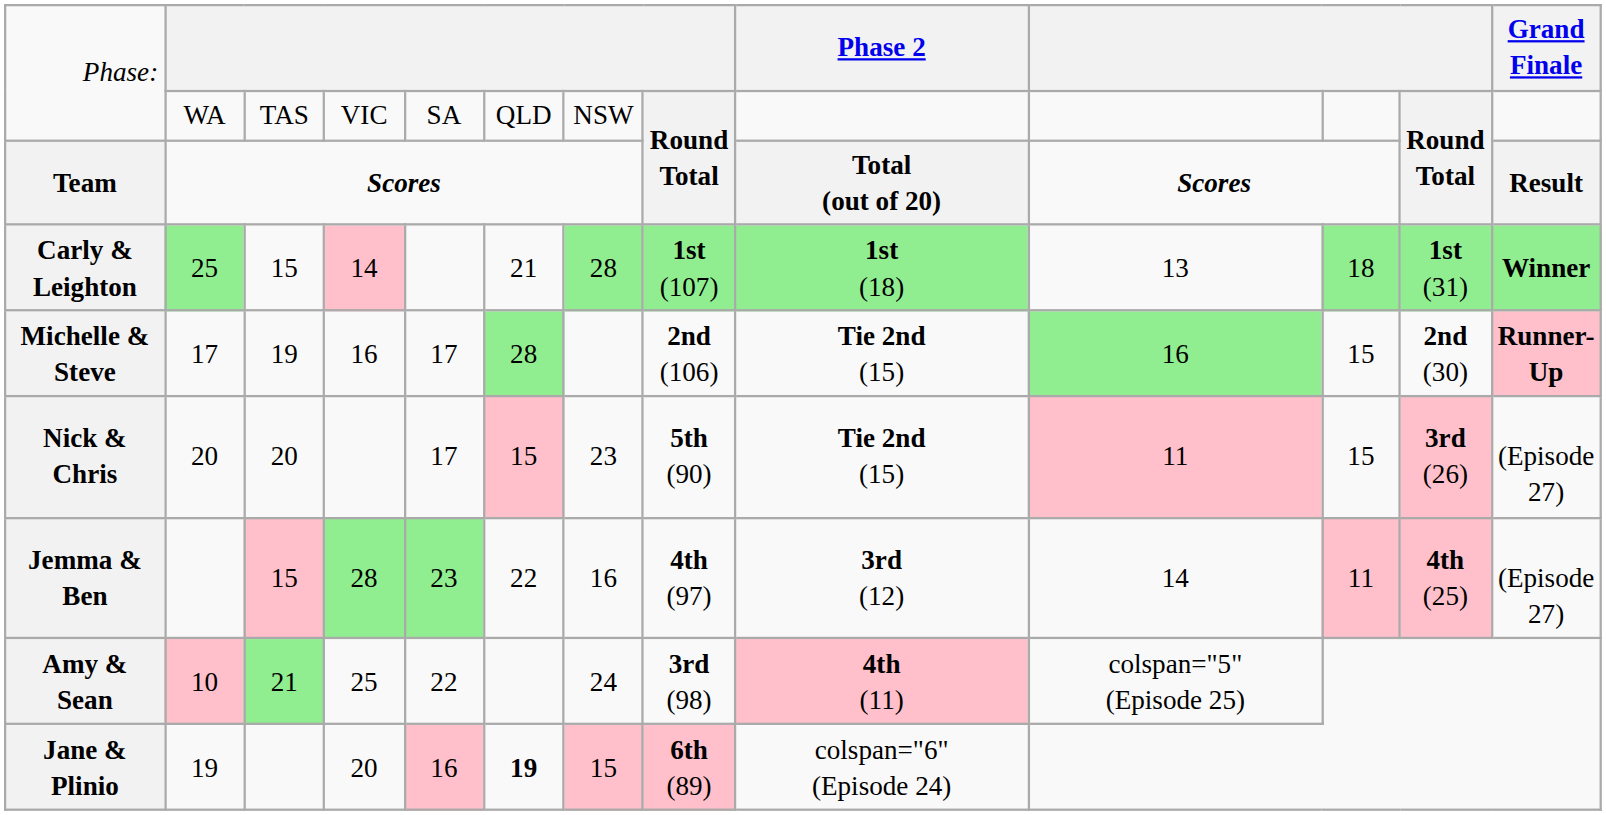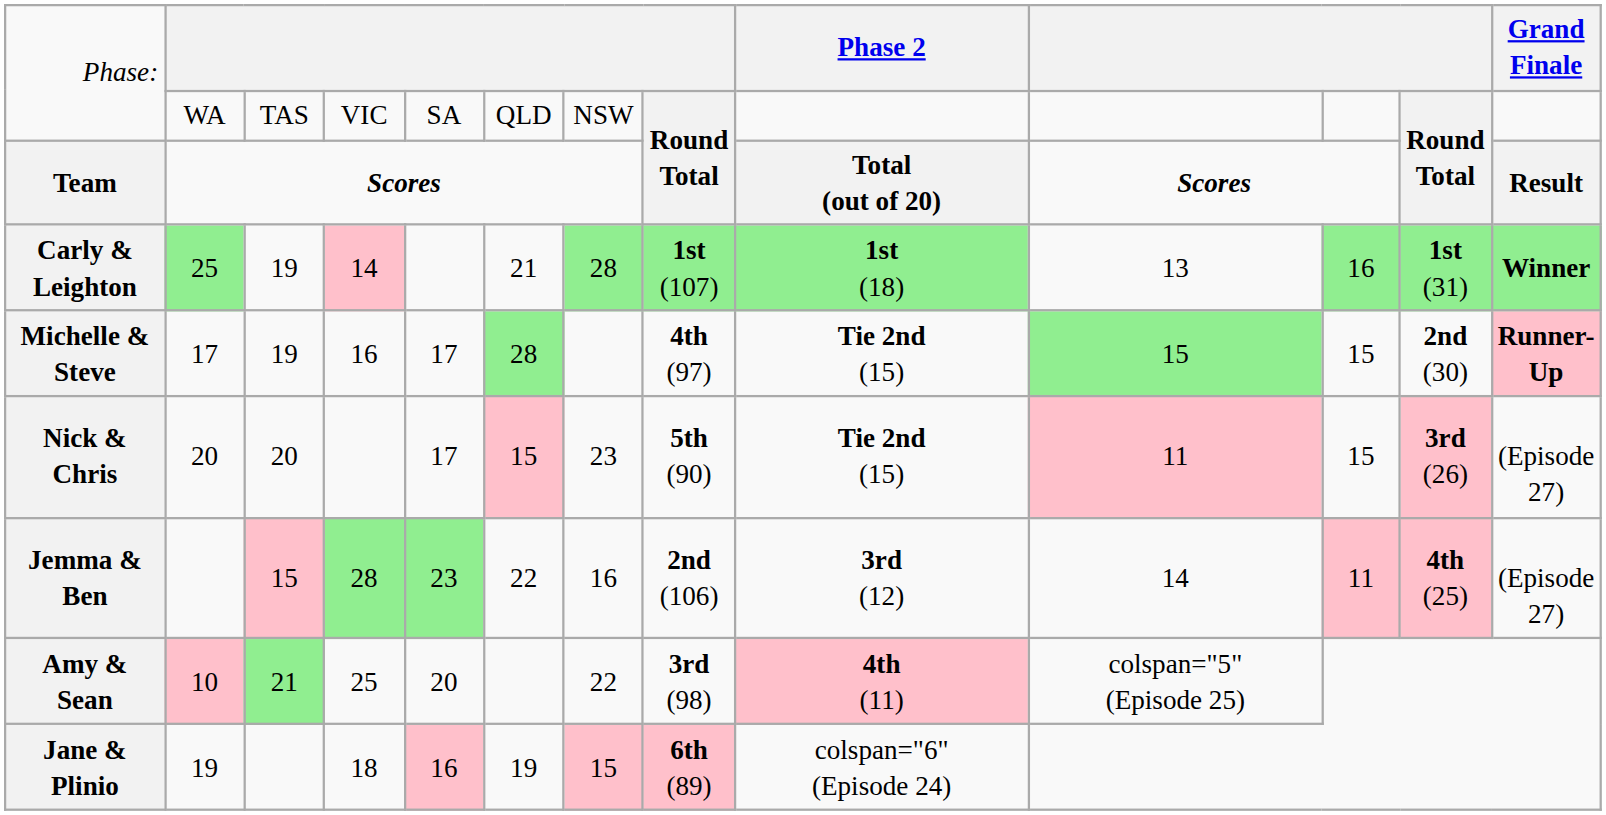 <table class="wikitable" style="text-align: center; font-size: 9pt; line-height:16px; width:80%">
 <tr>
 <td style="width:10%; text-align:right;" rowspan="2"><em>Phase:</em></td>
 <th colspan="7"></th>
 <th><a href='#'>Phase 2</a></th>
 <th colspan="3"></th>
 <th colspan="2" style="width:5%;"><a href='#'>Grand Finale</a></th>
 </tr>
 <tr>
 <td style="width:5%;">WA</td>
 <td style="width:5%;">TAS</td>
 <td style="width:5%;">VIC</td>
 <td style="width:5%;">SA</td>
 <td style="width:5%;">QLD</td>
 <td style="width:5%;">NSW</td>
 <th rowspan="2" style="width:5%;">Round Total<br></th>
 <td></td>
 <td></td>
 <td></td>
 <th rowspan="2" style="width:5%;">Round Total<br></th>
 <td></td>
 </tr>
 <tr>
 <th>Team</th>
 <td colspan="6"><strong><em>Scores</em></strong></td>
 <th colspan="1">Total<br>(out of 20)</th>
 <td colspan="2"><strong><em>Scores</em></strong></td>
 <th colspan="1">Result</th>
 </tr>
 <tr>
 <th style="font-size: 9pt">Carly & Leighton</th>
 <td style="background:lightgreen">25</td>
-<td>15</td>
+<td>19</td>
 <td style="background:pink">14</td>
 <td></td>
 <td>21</td>
 <td style="background:lightgreen">28</td>
 <td style="background:lightgreen"><strong>1st</strong><br>(107)</td>
 <td style="background:lightgreen"><strong>1st</strong><br>(18)</td>
 <td>13</td>
-<td style="background:lightgreen">18</td>
+<td style="background:lightgreen">16</td>
 <td style="background:lightgreen"><strong>1st</strong><br>(31)</td>
 <td style="background:lightgreen"><strong>Winner</strong></td>
 </tr>
 <tr>
 <th style="font-size: 9pt">Michelle & Steve</th>
 <td>17</td>
 <td>19</td>
 <td>16</td>
 <td>17</td>
 <td style="background:lightgreen">28</td>
 <td></td>
-<td><strong>2nd</strong><br>(106)</td>
+<td><strong>4th</strong><br>(97)</td>
 <td><strong>Tie 2nd</strong><br>(15)</td>
-<td style="background:lightgreen">16</td>
+<td style="background:lightgreen">15</td>
 <td>15</td>
 <td><strong>2nd</strong><br>(30)</td>
 <td style="background:pink"><strong>Runner-Up</strong></td>
 </tr>
 <tr>
 <th style="font-size: 9pt">Nick & Chris</th>
 <td>20</td>
 <td>20</td>
 <td></td>
 <td>17</td>
 <td style="background:pink">15</td>
 <td>23</td>
 <td><strong>5th</strong><br>(90)</td>
 <td><strong>Tie 2nd</strong><br>(15)</td>
 <td style="background:pink">11</td>
 <td>15</td>
 <td style="background:pink"><strong>3rd</strong><br>(26)</td>
 <td><br>(Episode 27)</td>
 </tr>
 <tr>
 <th style="font-size: 9pt">Jemma & Ben</th>
 <td></td>
 <td style="background:pink">15</td>
 <td style="background:lightgreen">28</td>
 <td style="background:lightgreen">23</td>
 <td>22</td>
 <td>16</td>
-<td><strong>4th</strong><br>(97)</td>
+<td><strong>2nd</strong><br>(106)</td>
 <td><strong>3rd</strong><br>(12)</td>
 <td>14</td>
 <td style="background:pink">11</td>
 <td style="background:pink"><strong>4th</strong><br>(25)</td>
 <td><br>(Episode 27)</td>
 </tr>
 <tr>
 <th style="font-size: 9pt">Amy & Sean</th>
 <td style="background:pink">10</td>
 <td style="background:lightgreen">21</td>
 <td>25</td>
+<td>20</td>
+<td></td>
 <td>22</td>
-<td></td>
-<td>24</td>
 <td><strong>3rd</strong><br>(98)</td>
 <td style="background:pink"><strong>4th</strong><br>(11)</td>
 <td>colspan="5" <br>(Episode 25)</td>
 </tr>
 <tr>
 <th style="font-size: 9pt">Jane & Plinio</th>
 <td>19</td>
 <td></td>
-<td>20</td>
+<td>18</td>
 <td style="background:pink">16</td>
-<td><strong>19</strong></td>
+<td>19</td>
 <td style="background:pink">15</td>
 <td style="background:pink"><strong>6th</strong><br>(89)</td>
 <td>colspan="6" <br>(Episode 24)</td>
 </tr>
 </table>
